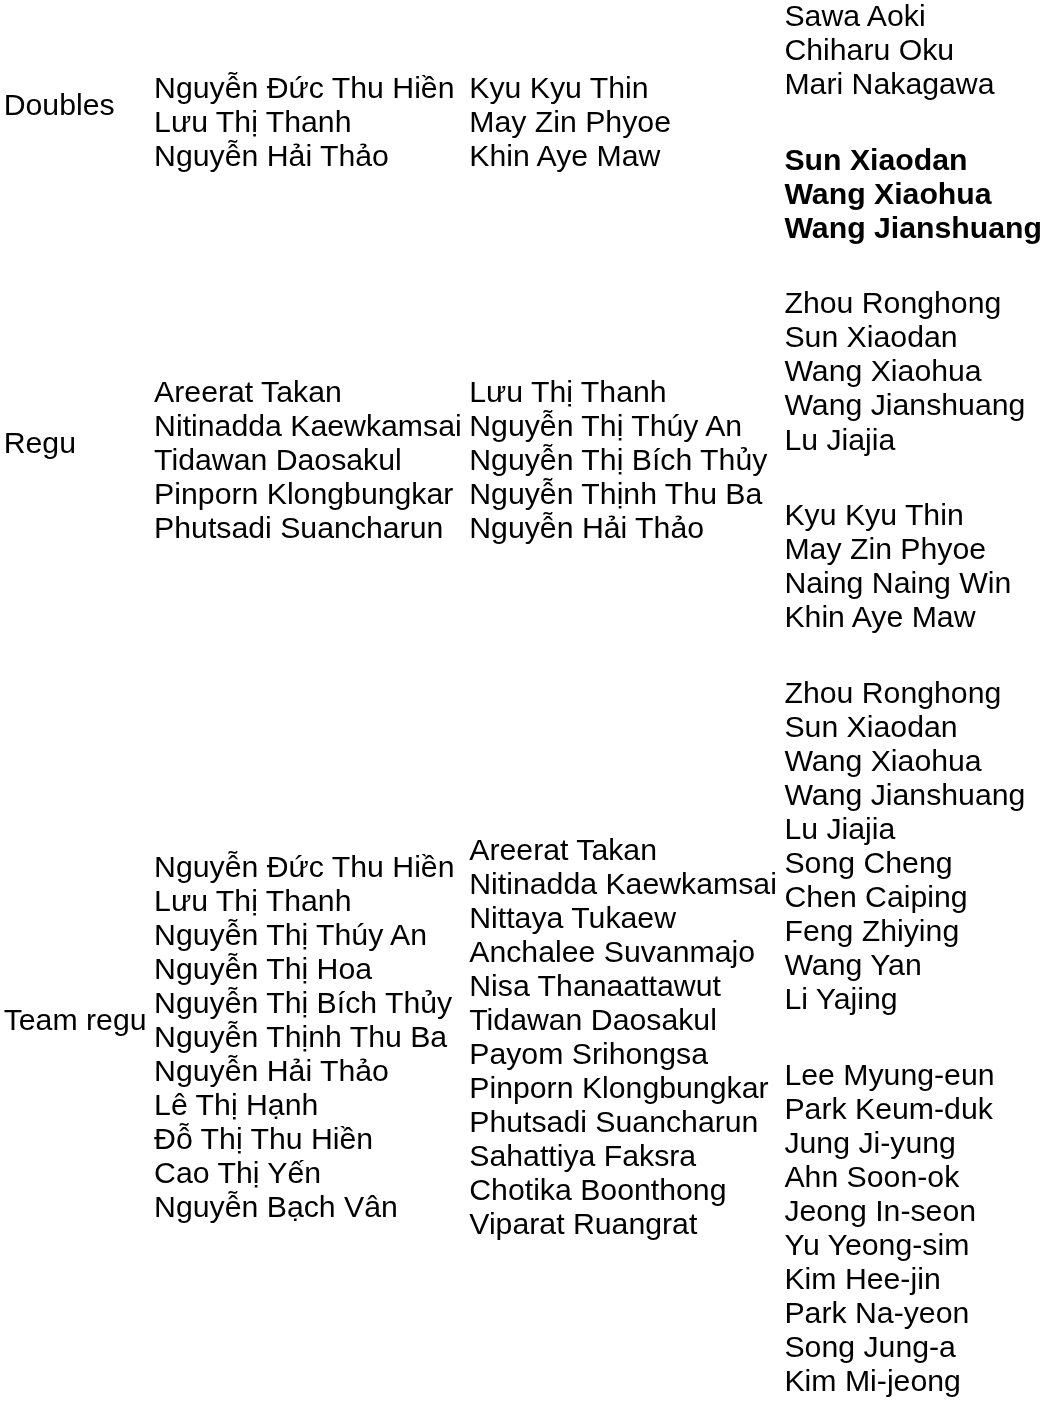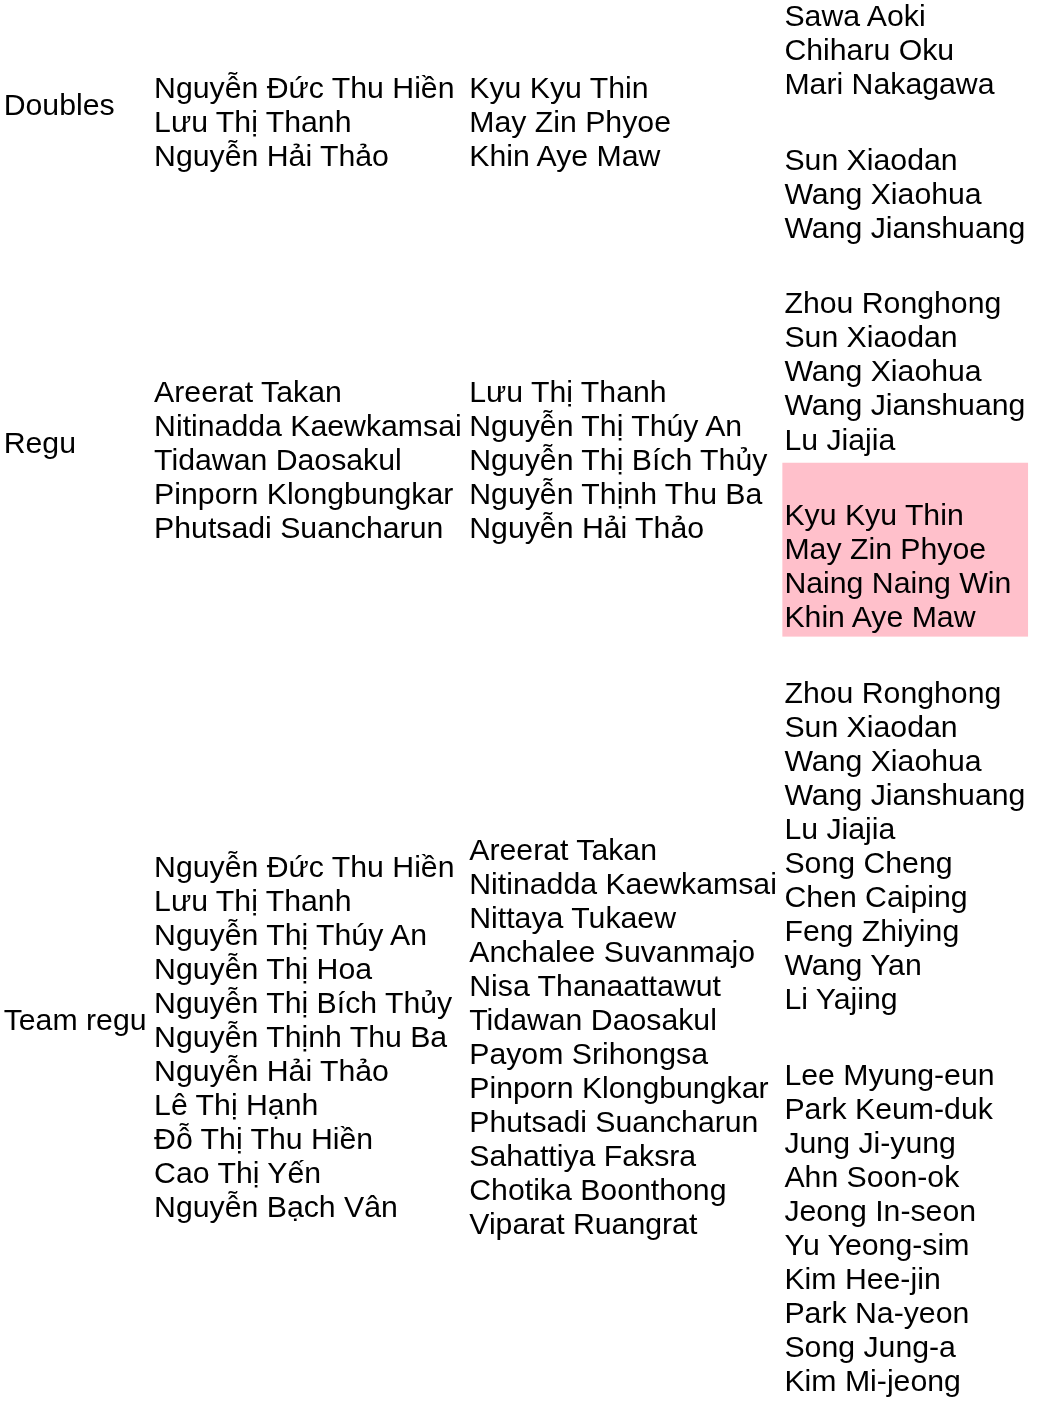 <table>
 <tr>
 <td rowspan=2>Doubles<br></td>
 <td rowspan=2><br>Nguyễn Đức Thu Hiền<br>Lưu Thị Thanh<br>Nguyễn Hải Thảo</td>
 <td rowspan=2><br>Kyu Kyu Thin<br>May Zin Phyoe<br>Khin Aye Maw</td>
 <td><br>Sawa Aoki<br>Chiharu Oku<br>Mari Nakagawa</td>
 </tr>
 <tr>
-<td><strong><br>Sun Xiaodan<br>Wang Xiaohua<br>Wang Jianshuang</strong></td>
+<td><br>Sun Xiaodan<br>Wang Xiaohua<br>Wang Jianshuang</td>
 </tr>
 <tr>
 <td rowspan=2>Regu<br></td>
 <td rowspan=2><br>Areerat Takan<br>Nitinadda Kaewkamsai<br>Tidawan Daosakul<br>Pinporn Klongbungkar<br>Phutsadi Suancharun</td>
 <td rowspan=2><br>Lưu Thị Thanh<br>Nguyễn Thị Thúy An<br>Nguyễn Thị Bích Thủy<br>Nguyễn Thịnh Thu Ba<br>Nguyễn Hải Thảo</td>
 <td><br>Zhou Ronghong<br>Sun Xiaodan<br>Wang Xiaohua<br>Wang Jianshuang<br>Lu Jiajia</td>
 </tr>
 <tr>
-<td><br>Kyu Kyu Thin<br>May Zin Phyoe<br>Naing Naing Win<br>Khin Aye Maw</td>
+<td style="background: pink;"><br>Kyu Kyu Thin<br>May Zin Phyoe<br>Naing Naing Win<br>Khin Aye Maw</td>
 </tr>
 <tr>
 <td rowspan=2>Team regu<br></td>
 <td rowspan=2><br>Nguyễn Đức Thu Hiền<br>Lưu Thị Thanh<br>Nguyễn Thị Thúy An<br>Nguyễn Thị Hoa<br>Nguyễn Thị Bích Thủy<br>Nguyễn Thịnh Thu Ba<br>Nguyễn Hải Thảo<br>Lê Thị Hạnh<br>Đỗ Thị Thu Hiền<br>Cao Thị Yến<br>Nguyễn Bạch Vân</td>
 <td rowspan=2><br>Areerat Takan<br>Nitinadda Kaewkamsai<br>Nittaya Tukaew<br>Anchalee Suvanmajo<br>Nisa Thanaattawut<br>Tidawan Daosakul<br>Payom Srihongsa<br>Pinporn Klongbungkar<br>Phutsadi Suancharun<br>Sahattiya Faksra<br>Chotika Boonthong<br>Viparat Ruangrat</td>
 <td><br>Zhou Ronghong<br>Sun Xiaodan<br>Wang Xiaohua<br>Wang Jianshuang<br>Lu Jiajia<br>Song Cheng<br>Chen Caiping<br>Feng Zhiying<br>Wang Yan<br>Li Yajing</td>
 </tr>
 <tr>
 <td><br>Lee Myung-eun<br>Park Keum-duk<br>Jung Ji-yung<br>Ahn Soon-ok<br>Jeong In-seon<br>Yu Yeong-sim<br>Kim Hee-jin<br>Park Na-yeon<br>Song Jung-a<br>Kim Mi-jeong</td>
 </tr>
 </table>
